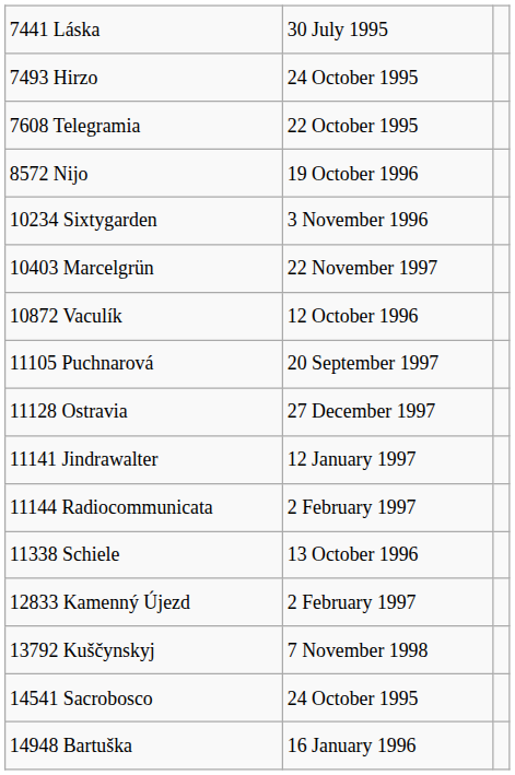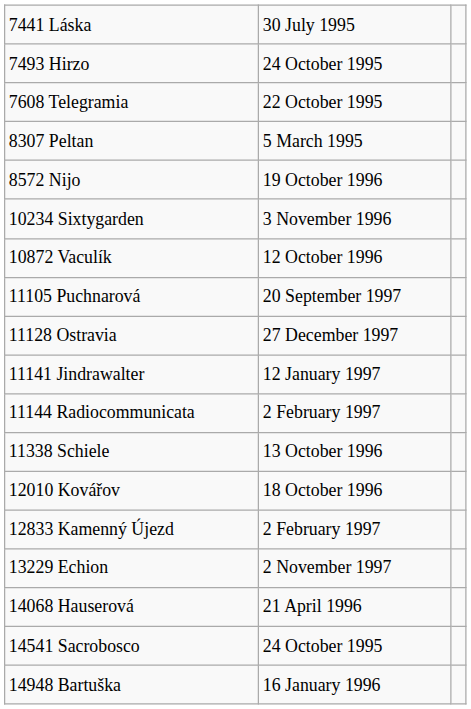 <table class="wikitable" style="font-size: 89%; float: left; width: 26em; margin-right: 1em; height: 560px;">
 <tr>
 <td>7441 Láska</td>
 <td>30 July 1995</td>
 <td> </td>
 </tr>
 <tr>
 <td>7493 Hirzo</td>
 <td>24 October 1995</td>
 <td></td>
 </tr>
 <tr>
 <td>7608 Telegramia</td>
 <td>22 October 1995</td>
 <td></td>
 </tr>
 <tr>
+<td>8307 Peltan</td>
+<td>5 March 1995</td>
+<td></td>
+</tr>
+<tr>
 <td>8572 Nijo</td>
 <td>19 October 1996</td>
 <td> </td>
 </tr>
 <tr>
 <td>10234 Sixtygarden</td>
 <td>3 November 1996</td>
-<td> </td>
-</tr>
-<tr>
-<td>10403 Marcelgrün</td>
-<td>22 November 1997</td>
 <td> </td>
 </tr>
 <tr>
 <td>10872 Vaculík</td>
 <td>12 October 1996</td>
 <td> </td>
 </tr>
 <tr>
 <td>11105 Puchnarová</td>
 <td>20 September 1997</td>
 <td></td>
 </tr>
 <tr>
 <td>11128 Ostravia</td>
 <td>27 December 1997</td>
 <td> </td>
 </tr>
 <tr>
 <td>11141 Jindrawalter</td>
 <td>12 January 1997</td>
 <td> </td>
 </tr>
 <tr>
 <td>11144 Radiocommunicata</td>
 <td>2 February 1997</td>
 <td> </td>
 </tr>
 <tr>
 <td>11338 Schiele</td>
 <td>13 October 1996</td>
 <td> </td>
 </tr>
 <tr>
+<td>12010 Kovářov</td>
+<td>18 October 1996</td>
+<td> </td>
+</tr>
+<tr>
 <td>12833 Kamenný Újezd</td>
 <td>2 February 1997</td>
 <td> </td>
 </tr>
 <tr>
-<td>13792 Kuščynskyj</td>
-<td>7 November 1998</td>
+<td>13229 Echion</td>
+<td>2 November 1997</td>
+<td> </td>
+</tr>
+<tr>
+<td>14068 Hauserová</td>
+<td>21 April 1996</td>
 <td> </td>
 </tr>
 <tr>
 <td>14541 Sacrobosco</td>
 <td>24 October 1995</td>
 <td> </td>
 </tr>
 <tr>
 <td>14948 Bartuška</td>
 <td>16 January 1996</td>
 <td> </td>
 </tr>
 </table>
